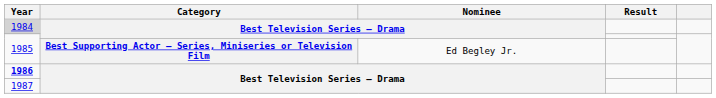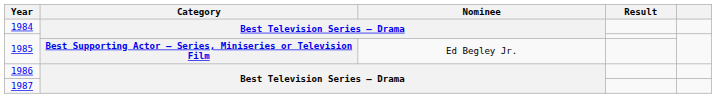 <table class="wikitable plainrowheaders" style="text-align:center" width=80%>
 <tr>
 <th scope="col" width="5%">Year</th>
 <th scope="col" width="45%">Category</th>
 <th scope="col" width="35%">Nominee</th>
 <th scope="col" width="10%">Result</th>
 <th scope="col" width="5%"></th>
 </tr>
 <tr>
-<td style="background: lightgrey;"><a href='#'>1984</a></td>
+<td><a href='#'>1984</a></td>
 <th scope="row" style="text-align:center" rowspan="2" colspan="2"><a href='#'>Best Television Series – Drama</a></th>
 <td></td>
 <td></td>
 </tr>
 <tr>
 <td rowspan="2"><a href='#'>1985</a></td>
 <td></td>
 <td rowspan="2"></td>
 </tr>
 <tr>
 <th scope="row" style="text-align:center"><a href='#'>Best Supporting Actor – Series, Miniseries or Television Film</a></th>
 <td>Ed Begley Jr.</td>
 <td></td>
 </tr>
 <tr>
-<td><strong><a href='#'>1986</a></strong></td>
+<td><a href='#'>1986</a></td>
 <th scope="row" style="text-align:center" rowspan="2" colspan="2">Best Television Series – Drama</th>
 <td></td>
 <td></td>
 </tr>
 <tr>
 <td><a href='#'>1987</a></td>
 <td></td>
 <td></td>
 </tr>
 </table>
